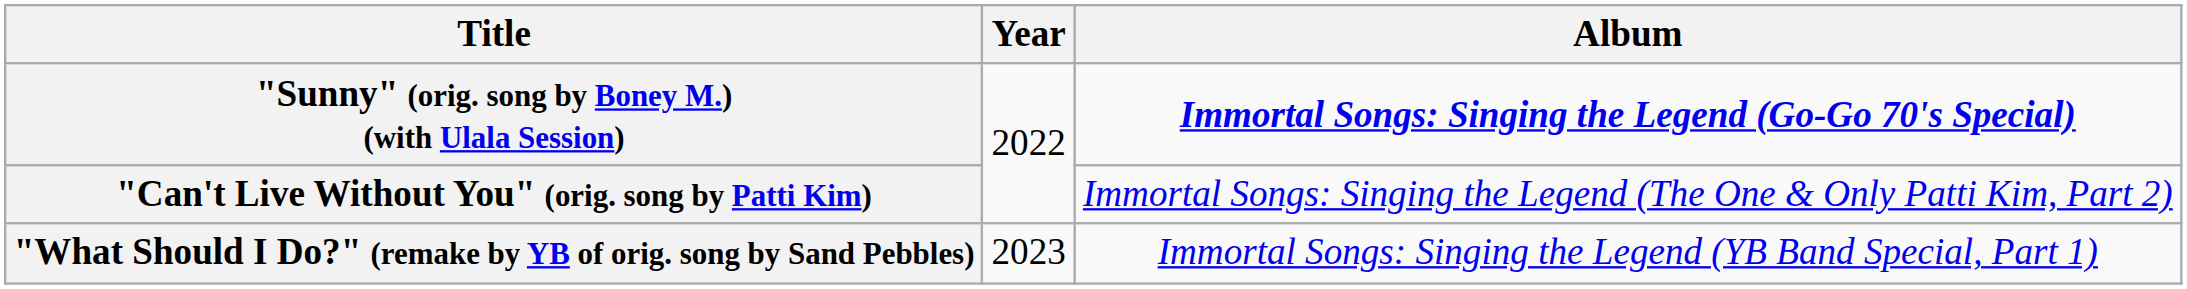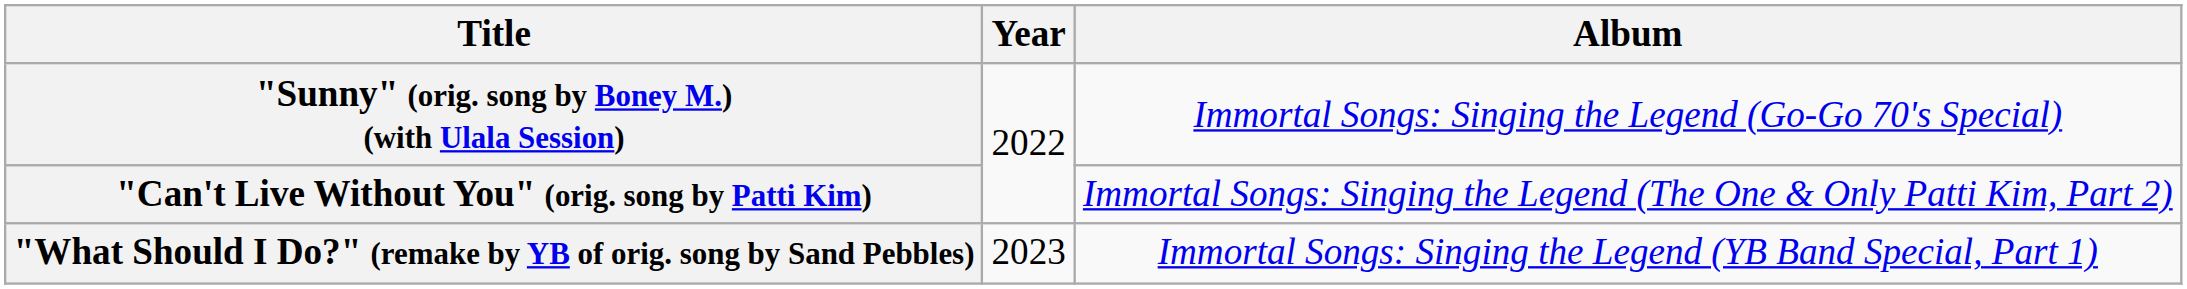 <table class="wikitable plainrowheaders" style="text-align:center; table-layout:fixed; margin-right:0">
 <tr>
 <th scope="col">Title</th>
 <th scope="col">Year</th>
 <th scope="col">Album</th>
 </tr>
 <tr>
 <th scope="row">"Sunny" <small>(orig. song by <a href='#'>Boney M.</a>)</small><br><small>(with <a href='#'>Ulala Session</a>)</small></th>
 <td rowspan="2">2022</td>
-<td><strong><em><a href='#'>Immortal Songs: Singing the Legend (Go-Go 70's Special)</a></em></strong></td>
+<td><em><a href='#'>Immortal Songs: Singing the Legend (Go-Go 70's Special)</a></em></td>
 </tr>
 <tr>
 <th scope="row">"Can't Live Without You" <small>(orig. song by <a href='#'>Patti Kim</a>)</small></th>
 <td><em><a href='#'>Immortal Songs: Singing the Legend (The One & Only Patti Kim, Part 2)</a></em></td>
 </tr>
 <tr>
 <th scope="row">"What Should I Do?" <small>(remake by <a href='#'>YB</a> of orig. song by Sand Pebbles)</small></th>
 <td>2023</td>
 <td><em><a href='#'>Immortal Songs: Singing the Legend (YB Band Special, Part 1)</a></em></td>
 </tr>
 </table>
